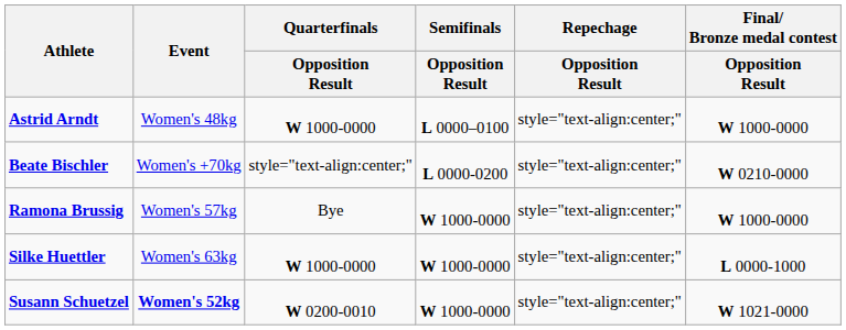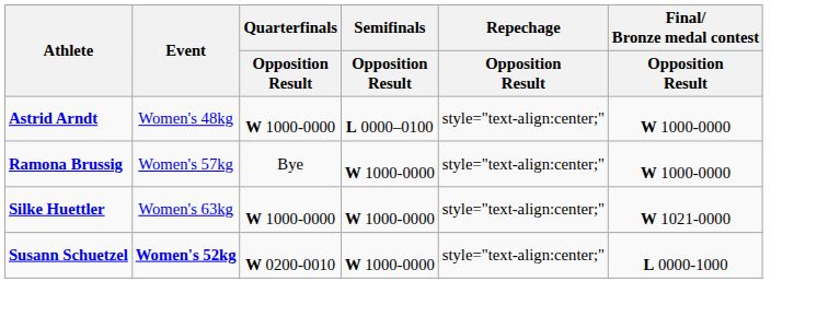 <table class=wikitable style="font-size:90%">
 <tr>
 <th rowspan="2">Athlete</th>
 <th rowspan="2">Event</th>
 <th>Quarterfinals</th>
 <th>Semifinals</th>
 <th>Repechage</th>
 <th>Final/<br>Bronze medal contest</th>
 </tr>
 <tr>
 <th>Opposition<br>Result</th>
 <th>Opposition<br>Result</th>
 <th>Opposition<br>Result</th>
 <th>Opposition<br>Result</th>
 </tr>
 <tr>
 <td><strong><a href='#'>Astrid Arndt</a></strong></td>
 <td style="text-align:center;"><a href='#'>Women's 48kg</a></td>
 <td style="text-align:center;"><br><strong>W</strong> 1000-0000</td>
 <td style="text-align:center;"><br> <strong>L</strong> 0000–0100</td>
 <td>style="text-align:center;" </td>
 <td style="text-align:center;"><br><strong>W</strong> 1000-0000 </td>
 </tr>
 <tr>
-<td><strong><a href='#'>Beate Bischler</a></strong></td>
-<td style="text-align:center;"><a href='#'>Women's +70kg</a></td>
-<td>style="text-align:center;" </td>
-<td style="text-align:center;"><br><strong>L</strong> 0000-0200</td>
-<td>style="text-align:center;" </td>
-<td style="text-align:center;"><br><strong>W</strong> 0210-0000 </td>
-</tr>
-<tr>
 <td><strong><a href='#'>Ramona Brussig</a></strong></td>
 <td style="text-align:center;"><a href='#'>Women's 57kg</a></td>
 <td style="text-align:center;">Bye</td>
 <td style="text-align:center;"><br><strong>W</strong> 1000-0000</td>
 <td>style="text-align:center;" </td>
 <td style="text-align:center;"><br><strong>W</strong> 1000-0000 </td>
 </tr>
 <tr>
 <td><strong><a href='#'>Silke Huettler</a></strong></td>
 <td style="text-align:center;"><a href='#'>Women's 63kg</a></td>
 <td style="text-align:center;"><br><strong>W</strong> 1000-0000</td>
 <td style="text-align:center;"><br><strong>W</strong> 1000-0000</td>
 <td>style="text-align:center;" </td>
-<td style="text-align:center;"><br><strong>L</strong> 0000-1000 </td>
+<td style="text-align:center;"><br><strong>W</strong> 1021-0000 </td>
 </tr>
 <tr>
 <td><strong><a href='#'>Susann Schuetzel</a></strong></td>
 <td style="text-align:center;"><strong><a href='#'>Women's 52kg</a></strong></td>
 <td style="text-align:center;"><br><strong>W</strong> 0200-0010</td>
 <td style="text-align:center;"><br><strong>W</strong> 1000-0000</td>
 <td>style="text-align:center;" </td>
-<td style="text-align:center;"><br><strong>W</strong> 1021-0000 </td>
+<td style="text-align:center;"><br><strong>L</strong> 0000-1000 </td>
 </tr>
 </table>
